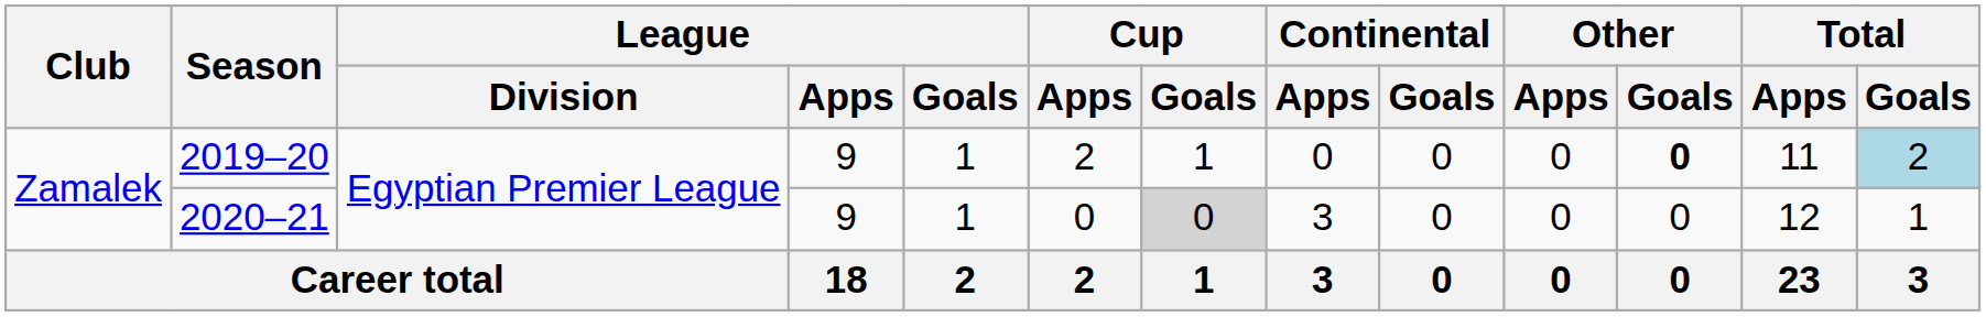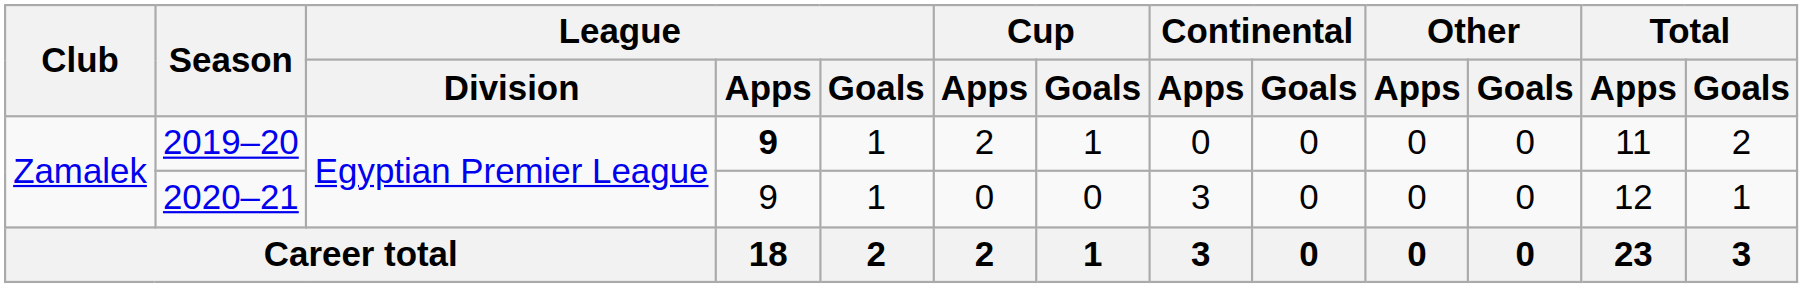 <table class="wikitable" style="text-align: center">
 <tr>
 <th rowspan="2">Club</th>
 <th rowspan="2">Season</th>
 <th colspan="3">League</th>
 <th colspan="2">Cup</th>
 <th colspan="2">Continental</th>
 <th colspan="2">Other</th>
 <th colspan="2">Total</th>
 </tr>
 <tr>
 <th>Division</th>
 <th>Apps</th>
 <th>Goals</th>
 <th>Apps</th>
 <th>Goals</th>
 <th>Apps</th>
 <th>Goals</th>
 <th>Apps</th>
 <th>Goals</th>
 <th>Apps</th>
 <th>Goals</th>
 </tr>
 <tr>
 <td rowspan=2><a href='#'>Zamalek</a></td>
 <td><a href='#'>2019–20</a></td>
 <td rowspan=2><a href='#'>Egyptian Premier League</a></td>
-<td>9</td>
+<td><strong>9</strong></td>
 <td>1</td>
 <td>2</td>
 <td>1</td>
 <td>0</td>
 <td>0</td>
 <td>0</td>
-<td><strong>0</strong></td>
+<td>0</td>
 <td>11</td>
-<td style="background: lightblue;">2</td>
+<td>2</td>
 </tr>
 <tr>
 <td><a href='#'>2020–21</a></td>
 <td>9</td>
 <td>1</td>
 <td>0</td>
-<td style="background: lightgrey;">0</td>
+<td>0</td>
 <td>3</td>
 <td>0</td>
 <td>0</td>
 <td>0</td>
 <td>12</td>
 <td>1</td>
 </tr>
 <tr>
 <th colspan=3>Career total</th>
 <th>18</th>
 <th>2</th>
 <th>2</th>
 <th>1</th>
 <th>3</th>
 <th>0</th>
 <th>0</th>
 <th>0</th>
 <th>23</th>
 <th>3</th>
 </tr>
 </table>
